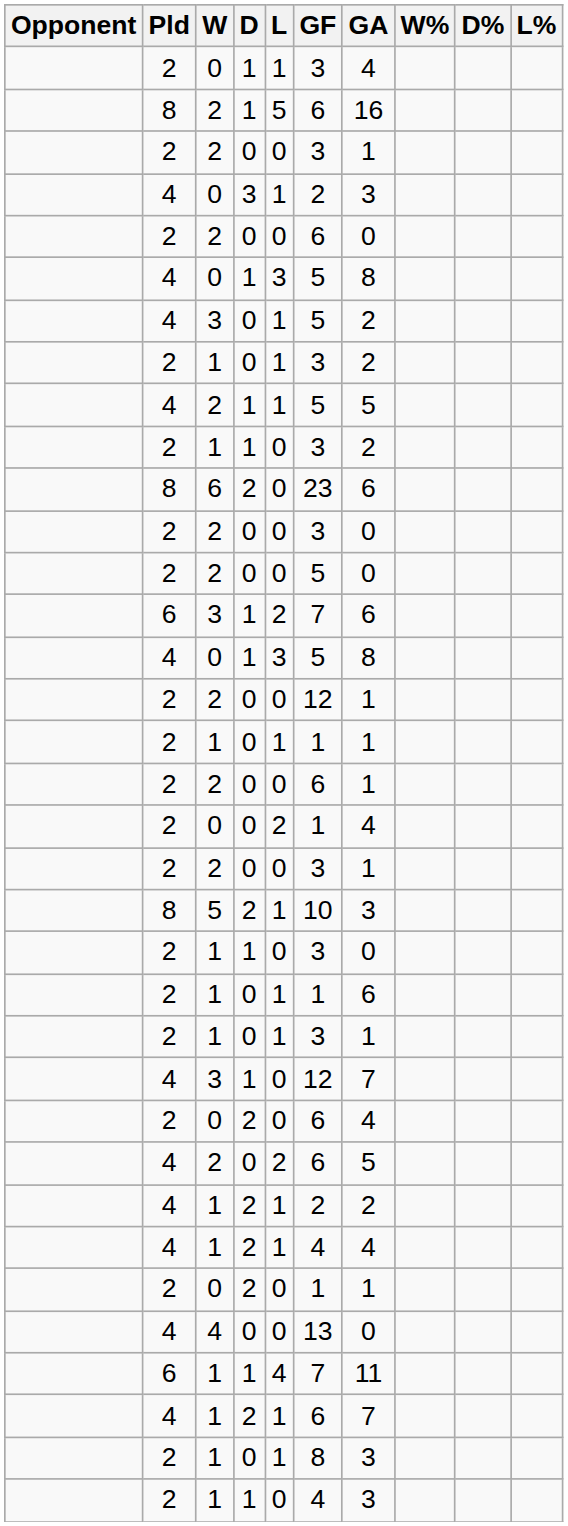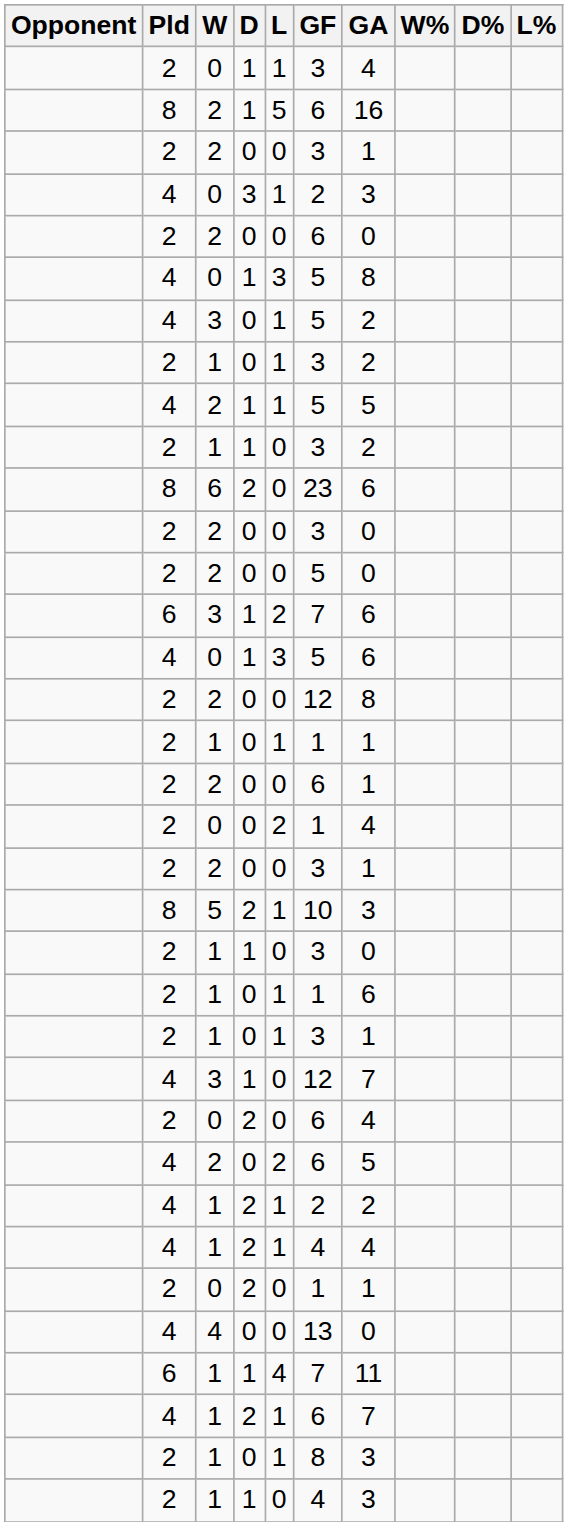 <table class="wikitable sortable mw-collapsible mw-collapsed" style="text-align:center">
 <tr>
 <th>Opponent</th>
 <th>Pld</th>
 <th>W</th>
 <th>D</th>
 <th>L</th>
 <th>GF</th>
 <th>GA</th>
 <th>W%</th>
 <th>D%</th>
 <th>L%</th>
 </tr>
 <tr>
 <td style="text-align:left;"></td>
 <td>2</td>
 <td>0</td>
 <td>1</td>
 <td>1</td>
 <td>3</td>
 <td>4</td>
 <td></td>
 <td></td>
 <td></td>
 </tr>
 <tr>
 <td style="text-align:left;"></td>
 <td>8</td>
 <td>2</td>
 <td>1</td>
 <td>5</td>
 <td>6</td>
 <td>16</td>
 <td></td>
 <td></td>
 <td></td>
 </tr>
 <tr>
 <td style="text-align:left;"></td>
 <td>2</td>
 <td>2</td>
 <td>0</td>
 <td>0</td>
 <td>3</td>
 <td>1</td>
 <td></td>
 <td></td>
 <td></td>
 </tr>
 <tr>
 <td style="text-align:left;"></td>
 <td>4</td>
 <td>0</td>
 <td>3</td>
 <td>1</td>
 <td>2</td>
 <td>3</td>
 <td></td>
 <td></td>
 <td></td>
 </tr>
 <tr>
 <td style="text-align:left;"></td>
 <td>2</td>
 <td>2</td>
 <td>0</td>
 <td>0</td>
 <td>6</td>
 <td>0</td>
 <td></td>
 <td></td>
 <td></td>
 </tr>
 <tr>
 <td style="text-align:left;"></td>
 <td>4</td>
 <td>0</td>
 <td>1</td>
 <td>3</td>
 <td>5</td>
 <td>8</td>
 <td></td>
 <td></td>
 <td></td>
 </tr>
 <tr>
 <td style="text-align:left;"></td>
 <td>4</td>
 <td>3</td>
 <td>0</td>
 <td>1</td>
 <td>5</td>
 <td>2</td>
 <td></td>
 <td></td>
 <td></td>
 </tr>
 <tr>
 <td style="text-align:left;"></td>
 <td>2</td>
 <td>1</td>
 <td>0</td>
 <td>1</td>
 <td>3</td>
 <td>2</td>
 <td></td>
 <td></td>
 <td></td>
 </tr>
 <tr>
 <td style="text-align:left;"></td>
 <td>4</td>
 <td>2</td>
 <td>1</td>
 <td>1</td>
 <td>5</td>
 <td>5</td>
 <td></td>
 <td></td>
 <td></td>
 </tr>
 <tr>
 <td style="text-align:left;"></td>
 <td>2</td>
 <td>1</td>
 <td>1</td>
 <td>0</td>
 <td>3</td>
 <td>2</td>
 <td></td>
 <td></td>
 <td></td>
 </tr>
 <tr>
 <td style="text-align:left;"></td>
 <td>8</td>
 <td>6</td>
 <td>2</td>
 <td>0</td>
 <td>23</td>
 <td>6</td>
 <td></td>
 <td></td>
 <td></td>
 </tr>
 <tr>
 <td style="text-align:left;"></td>
 <td>2</td>
 <td>2</td>
 <td>0</td>
 <td>0</td>
 <td>3</td>
 <td>0</td>
 <td></td>
 <td></td>
 <td></td>
 </tr>
 <tr>
 <td style="text-align:left;"></td>
 <td>2</td>
 <td>2</td>
 <td>0</td>
 <td>0</td>
 <td>5</td>
 <td>0</td>
 <td></td>
 <td></td>
 <td></td>
 </tr>
 <tr>
 <td style="text-align:left;"></td>
 <td>6</td>
 <td>3</td>
 <td>1</td>
 <td>2</td>
 <td>7</td>
 <td>6</td>
 <td></td>
 <td></td>
 <td></td>
 </tr>
 <tr>
 <td style="text-align:left;"></td>
 <td>4</td>
 <td>0</td>
 <td>1</td>
 <td>3</td>
 <td>5</td>
-<td>8</td>
+<td>6</td>
 <td></td>
 <td></td>
 <td></td>
 </tr>
 <tr>
 <td style="text-align:left;"></td>
 <td>2</td>
 <td>2</td>
 <td>0</td>
 <td>0</td>
 <td>12</td>
-<td>1</td>
+<td>8</td>
 <td></td>
 <td></td>
 <td></td>
 </tr>
 <tr>
 <td style="text-align:left;"></td>
 <td>2</td>
 <td>1</td>
 <td>0</td>
 <td>1</td>
 <td>1</td>
 <td>1</td>
 <td></td>
 <td></td>
 <td></td>
 </tr>
 <tr>
 <td style="text-align:left;"></td>
 <td>2</td>
 <td>2</td>
 <td>0</td>
 <td>0</td>
 <td>6</td>
 <td>1</td>
 <td></td>
 <td></td>
 <td></td>
 </tr>
 <tr>
 <td style="text-align:left;"></td>
 <td>2</td>
 <td>0</td>
 <td>0</td>
 <td>2</td>
 <td>1</td>
 <td>4</td>
 <td></td>
 <td></td>
 <td></td>
 </tr>
 <tr>
 <td style="text-align:left;"></td>
 <td>2</td>
 <td>2</td>
 <td>0</td>
 <td>0</td>
 <td>3</td>
 <td>1</td>
 <td></td>
 <td></td>
 <td></td>
 </tr>
 <tr>
 <td style="text-align:left;"></td>
 <td>8</td>
 <td>5</td>
 <td>2</td>
 <td>1</td>
 <td>10</td>
 <td>3</td>
 <td></td>
 <td></td>
 <td></td>
 </tr>
 <tr>
 <td style="text-align:left;"></td>
 <td>2</td>
 <td>1</td>
 <td>1</td>
 <td>0</td>
 <td>3</td>
 <td>0</td>
 <td></td>
 <td></td>
 <td></td>
 </tr>
 <tr>
 <td style="text-align:left;"></td>
 <td>2</td>
 <td>1</td>
 <td>0</td>
 <td>1</td>
 <td>1</td>
 <td>6</td>
 <td></td>
 <td></td>
 <td></td>
 </tr>
 <tr>
 <td style="text-align:left;"></td>
 <td>2</td>
 <td>1</td>
 <td>0</td>
 <td>1</td>
 <td>3</td>
 <td>1</td>
 <td></td>
 <td></td>
 <td></td>
 </tr>
 <tr>
 <td style="text-align:left;"></td>
 <td>4</td>
 <td>3</td>
 <td>1</td>
 <td>0</td>
 <td>12</td>
 <td>7</td>
 <td></td>
 <td></td>
 <td></td>
 </tr>
 <tr>
 <td style="text-align:left;"></td>
 <td>2</td>
 <td>0</td>
 <td>2</td>
 <td>0</td>
 <td>6</td>
 <td>4</td>
 <td></td>
 <td></td>
 <td></td>
 </tr>
 <tr>
 <td style="text-align:left;"></td>
 <td>4</td>
 <td>2</td>
 <td>0</td>
 <td>2</td>
 <td>6</td>
 <td>5</td>
 <td></td>
 <td></td>
 <td></td>
 </tr>
 <tr>
 <td style="text-align:left;"></td>
 <td>4</td>
 <td>1</td>
 <td>2</td>
 <td>1</td>
 <td>2</td>
 <td>2</td>
 <td></td>
 <td></td>
 <td></td>
 </tr>
 <tr>
 <td style="text-align:left;"></td>
 <td>4</td>
 <td>1</td>
 <td>2</td>
 <td>1</td>
 <td>4</td>
 <td>4</td>
 <td></td>
 <td></td>
 <td></td>
 </tr>
 <tr>
 <td style="text-align:left;"></td>
 <td>2</td>
 <td>0</td>
 <td>2</td>
 <td>0</td>
 <td>1</td>
 <td>1</td>
 <td></td>
 <td></td>
 <td></td>
 </tr>
 <tr>
 <td style="text-align:left;"></td>
 <td>4</td>
 <td>4</td>
 <td>0</td>
 <td>0</td>
 <td>13</td>
 <td>0</td>
 <td></td>
 <td></td>
 <td></td>
 </tr>
 <tr>
 <td style="text-align:left;"></td>
 <td>6</td>
 <td>1</td>
 <td>1</td>
 <td>4</td>
 <td>7</td>
 <td>11</td>
 <td></td>
 <td></td>
 <td></td>
 </tr>
 <tr>
 <td style="text-align:left;"></td>
 <td>4</td>
 <td>1</td>
 <td>2</td>
 <td>1</td>
 <td>6</td>
 <td>7</td>
 <td></td>
 <td></td>
 <td></td>
 </tr>
 <tr>
 <td style="text-align:left;"></td>
 <td>2</td>
 <td>1</td>
 <td>0</td>
 <td>1</td>
 <td>8</td>
 <td>3</td>
 <td></td>
 <td></td>
 <td></td>
 </tr>
 <tr>
 <td style="text-align:left;"></td>
 <td>2</td>
 <td>1</td>
 <td>1</td>
 <td>0</td>
 <td>4</td>
 <td>3</td>
 <td></td>
 <td></td>
 <td></td>
 </tr>
 </table>
